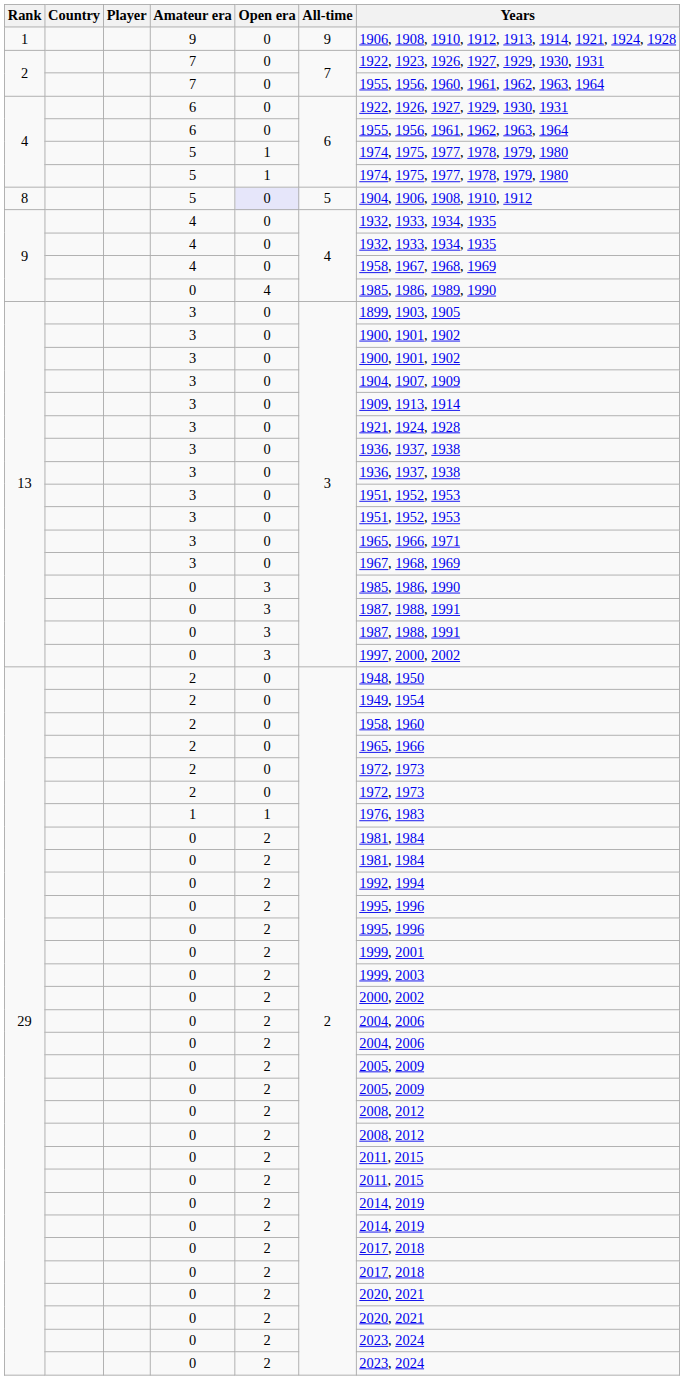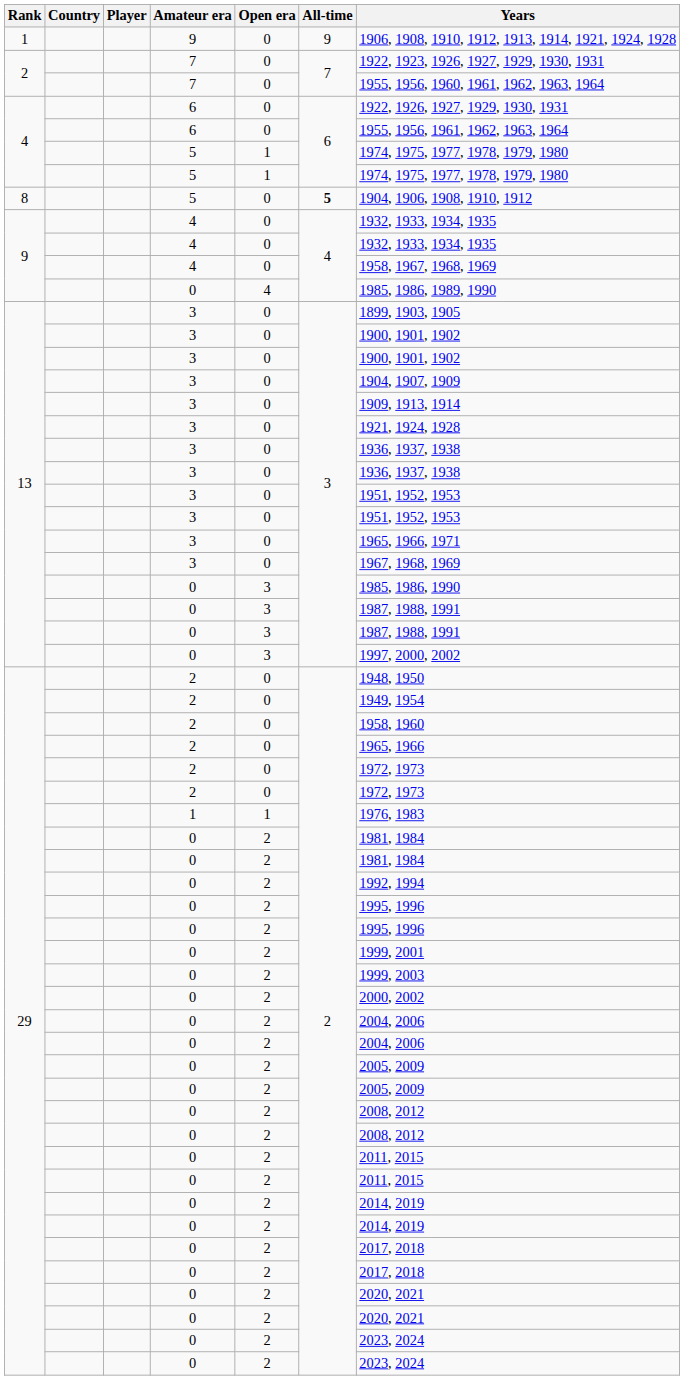 <table class="wikitable sortable">
 <tr>
 <th>Rank</th>
 <th>Country</th>
 <th>Player</th>
 <th>Amateur era</th>
 <th>Open era</th>
 <th>All-time</th>
 <th class="unsortable">Years</th>
 </tr>
 <tr>
 <td align=center>1</td>
 <td></td>
 <td></td>
 <td align=center>9</td>
 <td align=center>0</td>
 <td align=center>9</td>
 <td><a href='#'>1906</a>, <a href='#'>1908</a>, <a href='#'>1910</a>, <a href='#'>1912</a>, <a href='#'>1913</a>, <a href='#'>1914</a>, <a href='#'>1921</a>, <a href='#'>1924</a>, <a href='#'>1928</a></td>
 </tr>
 <tr>
 <td rowspan=2 align=center>2</td>
 <td></td>
 <td></td>
 <td align=center>7</td>
 <td align=center>0</td>
 <td rowspan=2 align=center>7</td>
 <td><a href='#'>1922</a>, <a href='#'>1923</a>, <a href='#'>1926</a>, <a href='#'>1927</a>, <a href='#'>1929</a>, <a href='#'>1930</a>, <a href='#'>1931</a></td>
 </tr>
 <tr>
 <td></td>
 <td></td>
 <td align=center>7</td>
 <td align=center>0</td>
 <td><a href='#'>1955</a>, <a href='#'>1956</a>, <a href='#'>1960</a>, <a href='#'>1961</a>, <a href='#'>1962</a>, <a href='#'>1963</a>, <a href='#'>1964</a></td>
 </tr>
 <tr>
 <td rowspan=4 align=center>4</td>
 <td></td>
 <td></td>
 <td align=center>6</td>
 <td align=center>0</td>
 <td rowspan=4 align=center>6</td>
 <td><a href='#'>1922</a>, <a href='#'>1926</a>, <a href='#'>1927</a>, <a href='#'>1929</a>, <a href='#'>1930</a>, <a href='#'>1931</a></td>
 </tr>
 <tr>
 <td></td>
 <td></td>
 <td align=center>6</td>
 <td align=center>0</td>
 <td><a href='#'>1955</a>, <a href='#'>1956</a>, <a href='#'>1961</a>, <a href='#'>1962</a>, <a href='#'>1963</a>, <a href='#'>1964</a></td>
 </tr>
 <tr>
 <td></td>
 <td></td>
 <td align=center>5</td>
 <td align=center>1</td>
 <td><a href='#'>1974</a>, <a href='#'>1975</a>, <a href='#'>1977</a>, <a href='#'>1978</a>, <a href='#'>1979</a>, <a href='#'>1980</a></td>
 </tr>
 <tr>
 <td></td>
 <td></td>
 <td align=center>5</td>
 <td align=center>1</td>
 <td><a href='#'>1974</a>, <a href='#'>1975</a>, <a href='#'>1977</a>, <a href='#'>1978</a>, <a href='#'>1979</a>, <a href='#'>1980</a></td>
 </tr>
 <tr>
 <td align=center>8</td>
 <td></td>
 <td></td>
 <td align=center>5</td>
-<td align=center style="background: lavender;">0</td>
-<td align=center>5</td>
+<td align=center>0</td>
+<td align=center><strong>5</strong></td>
 <td><a href='#'>1904</a>, <a href='#'>1906</a>, <a href='#'>1908</a>, <a href='#'>1910</a>, <a href='#'>1912</a></td>
 </tr>
 <tr>
 <td rowspan=4 align=center>9</td>
 <td></td>
 <td></td>
 <td align=center>4</td>
 <td align=center>0</td>
 <td rowspan=4 align=center>4</td>
 <td><a href='#'>1932</a>, <a href='#'>1933</a>, <a href='#'>1934</a>, <a href='#'>1935</a></td>
 </tr>
 <tr>
 <td></td>
 <td></td>
 <td align=center>4</td>
 <td align=center>0</td>
 <td><a href='#'>1932</a>, <a href='#'>1933</a>, <a href='#'>1934</a>, <a href='#'>1935</a></td>
 </tr>
 <tr>
 <td></td>
 <td></td>
 <td align=center>4</td>
 <td align=center>0</td>
 <td><a href='#'>1958</a>, <a href='#'>1967</a>, <a href='#'>1968</a>, <a href='#'>1969</a></td>
 </tr>
 <tr>
 <td></td>
 <td></td>
 <td align=center>0</td>
 <td align=center>4</td>
 <td><a href='#'>1985</a>, <a href='#'>1986</a>, <a href='#'>1989</a>, <a href='#'>1990</a></td>
 </tr>
 <tr>
 <td rowspan=16 align=center>13</td>
 <td></td>
 <td></td>
 <td align=center>3</td>
 <td align=center>0</td>
 <td rowspan=16 align=center>3</td>
 <td><a href='#'>1899</a>, <a href='#'>1903</a>, <a href='#'>1905</a></td>
 </tr>
 <tr>
 <td></td>
 <td></td>
 <td align=center>3</td>
 <td align=center>0</td>
 <td><a href='#'>1900</a>, <a href='#'>1901</a>, <a href='#'>1902</a></td>
 </tr>
 <tr>
 <td></td>
 <td></td>
 <td align=center>3</td>
 <td align=center>0</td>
 <td><a href='#'>1900</a>, <a href='#'>1901</a>, <a href='#'>1902</a></td>
 </tr>
 <tr>
 <td></td>
 <td></td>
 <td align=center>3</td>
 <td align=center>0</td>
 <td><a href='#'>1904</a>, <a href='#'>1907</a>, <a href='#'>1909</a></td>
 </tr>
 <tr>
 <td></td>
 <td></td>
 <td align=center>3</td>
 <td align=center>0</td>
 <td><a href='#'>1909</a>, <a href='#'>1913</a>, <a href='#'>1914</a></td>
 </tr>
 <tr>
 <td align=left></td>
 <td></td>
 <td align=center>3</td>
 <td align=center>0</td>
 <td><a href='#'>1921</a>, <a href='#'>1924</a>, <a href='#'>1928</a></td>
 </tr>
 <tr>
 <td></td>
 <td></td>
 <td align=center>3</td>
 <td align=center>0</td>
 <td><a href='#'>1936</a>, <a href='#'>1937</a>, <a href='#'>1938</a></td>
 </tr>
 <tr>
 <td></td>
 <td></td>
 <td align=center>3</td>
 <td align=center>0</td>
 <td><a href='#'>1936</a>, <a href='#'>1937</a>, <a href='#'>1938</a></td>
 </tr>
 <tr>
 <td></td>
 <td></td>
 <td align=center>3</td>
 <td align=center>0</td>
 <td><a href='#'>1951</a>, <a href='#'>1952</a>, <a href='#'>1953</a></td>
 </tr>
 <tr>
 <td></td>
 <td></td>
 <td align=center>3</td>
 <td align=center>0</td>
 <td><a href='#'>1951</a>, <a href='#'>1952</a>, <a href='#'>1953</a></td>
 </tr>
 <tr>
 <td></td>
 <td></td>
 <td align=center>3</td>
 <td align=center>0</td>
 <td><a href='#'>1965</a>, <a href='#'>1966</a>, <a href='#'>1971</a></td>
 </tr>
 <tr>
 <td></td>
 <td></td>
 <td align=center>3</td>
 <td align=center>0</td>
 <td><a href='#'>1967</a>, <a href='#'>1968</a>, <a href='#'>1969</a></td>
 </tr>
 <tr>
 <td></td>
 <td></td>
 <td align=center>0</td>
 <td align=center>3</td>
 <td><a href='#'>1985</a>, <a href='#'>1986</a>, <a href='#'>1990</a></td>
 </tr>
 <tr>
 <td></td>
 <td></td>
 <td align=center>0</td>
 <td align=center>3</td>
 <td><a href='#'>1987</a>, <a href='#'>1988</a>, <a href='#'>1991</a></td>
 </tr>
 <tr>
 <td></td>
 <td></td>
 <td align=center>0</td>
 <td align=center>3</td>
 <td><a href='#'>1987</a>, <a href='#'>1988</a>, <a href='#'>1991</a></td>
 </tr>
 <tr>
 <td></td>
 <td></td>
 <td align=center>0</td>
 <td align=center>3</td>
 <td><a href='#'>1997</a>, <a href='#'>2000</a>, <a href='#'>2002</a></td>
 </tr>
 <tr>
 <td rowspan=31 align=center>29</td>
 <td></td>
 <td></td>
 <td align=center>2</td>
 <td align=center>0</td>
 <td rowspan=31 align=center>2</td>
 <td><a href='#'>1948</a>, <a href='#'>1950</a></td>
 </tr>
 <tr>
 <td></td>
 <td></td>
 <td align=center>2</td>
 <td align=center>0</td>
 <td><a href='#'>1949</a>, <a href='#'>1954</a></td>
 </tr>
 <tr>
 <td></td>
 <td></td>
 <td align=center>2</td>
 <td align=center>0</td>
 <td><a href='#'>1958</a>, <a href='#'>1960</a></td>
 </tr>
 <tr>
 <td></td>
 <td></td>
 <td align=center>2</td>
 <td align=center>0</td>
 <td><a href='#'>1965</a>, <a href='#'>1966</a></td>
 </tr>
 <tr>
 <td></td>
 <td></td>
 <td align=center>2</td>
 <td align=center>0</td>
 <td><a href='#'>1972</a>, <a href='#'>1973</a></td>
 </tr>
 <tr>
 <td></td>
 <td></td>
 <td align=center>2</td>
 <td align=center>0</td>
 <td><a href='#'>1972</a>, <a href='#'>1973</a></td>
 </tr>
 <tr>
 <td></td>
 <td></td>
 <td align=center>1</td>
 <td align=center>1</td>
 <td><a href='#'>1976</a>, <a href='#'>1983</a></td>
 </tr>
 <tr>
 <td></td>
 <td></td>
 <td align=center>0</td>
 <td align=center>2</td>
 <td><a href='#'>1981</a>, <a href='#'>1984</a></td>
 </tr>
 <tr>
 <td></td>
 <td></td>
 <td align=center>0</td>
 <td align=center>2</td>
 <td><a href='#'>1981</a>, <a href='#'>1984</a></td>
 </tr>
 <tr>
 <td></td>
 <td></td>
 <td align=center>0</td>
 <td align=center>2</td>
 <td><a href='#'>1992</a>, <a href='#'>1994</a></td>
 </tr>
 <tr>
 <td></td>
 <td></td>
 <td align=center>0</td>
 <td align=center>2</td>
 <td><a href='#'>1995</a>, <a href='#'>1996</a></td>
 </tr>
 <tr>
 <td></td>
 <td></td>
 <td align=center>0</td>
 <td align=center>2</td>
 <td><a href='#'>1995</a>, <a href='#'>1996</a></td>
 </tr>
 <tr>
 <td></td>
 <td></td>
 <td align=center>0</td>
 <td align=center>2</td>
 <td><a href='#'>1999</a>, <a href='#'>2001</a></td>
 </tr>
 <tr>
 <td></td>
 <td></td>
 <td align=center>0</td>
 <td align=center>2</td>
 <td><a href='#'>1999</a>, <a href='#'>2003</a></td>
 </tr>
 <tr>
 <td></td>
 <td></td>
 <td align=center>0</td>
 <td align=center>2</td>
 <td><a href='#'>2000</a>, <a href='#'>2002</a></td>
 </tr>
 <tr>
 <td></td>
 <td></td>
 <td align=center>0</td>
 <td align=center>2</td>
 <td><a href='#'>2004</a>, <a href='#'>2006</a></td>
 </tr>
 <tr>
 <td></td>
 <td></td>
 <td align=center>0</td>
 <td align=center>2</td>
 <td><a href='#'>2004</a>, <a href='#'>2006</a></td>
 </tr>
 <tr>
 <td></td>
 <td></td>
 <td align=center>0</td>
 <td align=center>2</td>
 <td><a href='#'>2005</a>, <a href='#'>2009</a></td>
 </tr>
 <tr>
 <td></td>
 <td></td>
 <td align=center>0</td>
 <td align=center>2</td>
 <td><a href='#'>2005</a>, <a href='#'>2009</a></td>
 </tr>
 <tr>
 <td></td>
 <td></td>
 <td align=center>0</td>
 <td align=center>2</td>
 <td><a href='#'>2008</a>, <a href='#'>2012</a></td>
 </tr>
 <tr>
 <td></td>
 <td></td>
 <td align=center>0</td>
 <td align=center>2</td>
 <td><a href='#'>2008</a>, <a href='#'>2012</a></td>
 </tr>
 <tr>
 <td></td>
 <td></td>
 <td align=center>0</td>
 <td align=center>2</td>
 <td><a href='#'>2011</a>, <a href='#'>2015</a></td>
 </tr>
 <tr>
 <td></td>
 <td></td>
 <td align=center>0</td>
 <td align=center>2</td>
 <td><a href='#'>2011</a>, <a href='#'>2015</a></td>
 </tr>
 <tr>
 <td></td>
 <td></td>
 <td align="center">0</td>
 <td align=center>2</td>
 <td><a href='#'>2014</a>, <a href='#'>2019</a></td>
 </tr>
 <tr>
 <td></td>
 <td></td>
 <td align="center">0</td>
 <td align=center>2</td>
 <td><a href='#'>2014</a>, <a href='#'>2019</a></td>
 </tr>
 <tr>
 <td></td>
 <td></td>
 <td align=center>0</td>
 <td align=center>2</td>
 <td><a href='#'>2017</a>, <a href='#'>2018</a></td>
 </tr>
 <tr>
 <td></td>
 <td></td>
 <td align="center">0</td>
 <td align=center>2</td>
 <td><a href='#'>2017</a>, <a href='#'>2018</a></td>
 </tr>
 <tr>
 <td></td>
 <td></td>
 <td align=center>0</td>
 <td align=center>2</td>
 <td><a href='#'>2020</a>, <a href='#'>2021</a></td>
 </tr>
 <tr>
 <td></td>
 <td><strong></strong></td>
 <td align=center>0</td>
 <td align=center>2</td>
 <td><a href='#'>2020</a>, <a href='#'>2021</a></td>
 </tr>
 <tr>
 <td></td>
 <td><strong></strong></td>
 <td align=center>0</td>
 <td align=center>2</td>
 <td><a href='#'>2023</a>, <a href='#'>2024</a></td>
 </tr>
 <tr>
 <td></td>
 <td><strong></strong></td>
 <td align=center>0</td>
 <td align=center>2</td>
 <td><a href='#'>2023</a>, <a href='#'>2024</a></td>
 </tr>
 </table>
